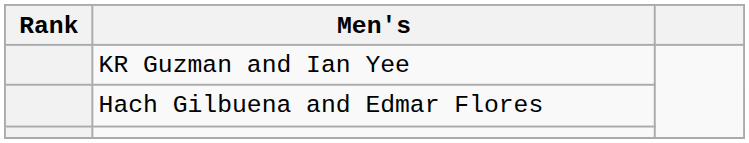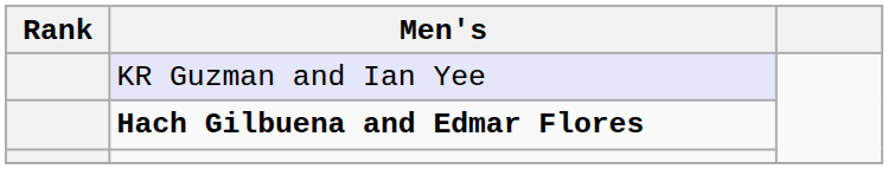 <table class="wikitable" style="text-align: center;">
 <tr>
 <th width=40>Rank</th>
 <th width=290>Men's</th>
 <th width=40></th>
 </tr>
 <tr>
 <th></th>
-<td style="text-align:left;">KR Guzman and Ian Yee </td>
+<td style="background: lavender; text-align:left;">KR Guzman and Ian Yee </td>
 <td rowspan=3></td>
 </tr>
 <tr>
 <th></th>
-<td style="text-align:left;">Hach Gilbuena and Edmar Flores </td>
+<td style="text-align:left;"><strong>Hach Gilbuena and Edmar Flores </strong></td>
 </tr>
 <tr>
 <th></th>
 <td style="text-align:left;"></td>
 </tr>
 <tr>
 </tr>
 </table>
